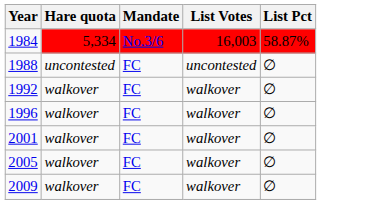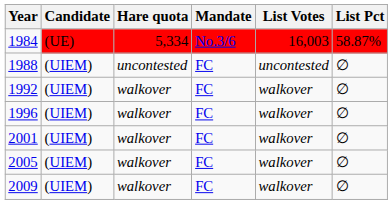 <table class="wikitable" style="margin:0.5em ; font-size:95%">
 <tr>
 <th>Year</th>
+<th>Candidate</th>
 <th>Hare quota</th>
 <th>Mandate</th>
 <th>List Votes</th>
 <th>List Pct</th>
 </tr>
 <tr>
 <td><a href='#'>1984</a></td>
+<td bgcolor="red"> (UE)</td>
 <td bgcolor="red" align="right">5,334</td>
 <td bgcolor="red"><a href='#'>No.3/6</a></td>
 <td bgcolor="red" align="right">16,003</td>
 <td bgcolor="red">58.87%</td>
 </tr>
 <tr>
 <td><a href='#'>1988</a></td>
+<td> (<a href='#'>UIEM</a>)</td>
 <td><em>uncontested</em></td>
 <td><a href='#'>FC</a></td>
 <td><em>uncontested</em></td>
 <td>∅</td>
 </tr>
 <tr>
 <td><a href='#'>1992</a></td>
+<td> (<a href='#'>UIEM</a>)</td>
 <td><em>walkover</em></td>
 <td><a href='#'>FC</a></td>
 <td><em>walkover</em></td>
 <td>∅</td>
 </tr>
 <tr>
 <td><a href='#'>1996</a></td>
+<td> (<a href='#'>UIEM</a>)</td>
 <td><em>walkover</em></td>
 <td><a href='#'>FC</a></td>
 <td><em>walkover</em></td>
 <td>∅</td>
 </tr>
 <tr>
 <td><a href='#'>2001</a></td>
+<td> (<a href='#'>UIEM</a>)</td>
 <td><em>walkover</em></td>
 <td><a href='#'>FC</a></td>
 <td><em>walkover</em></td>
 <td>∅</td>
 </tr>
 <tr>
 <td><a href='#'>2005</a></td>
+<td> (<a href='#'>UIEM</a>)</td>
 <td><em>walkover</em></td>
 <td><a href='#'>FC</a></td>
 <td><em>walkover</em></td>
 <td>∅</td>
 </tr>
 <tr>
 <td><a href='#'>2009</a></td>
+<td> (<a href='#'>UIEM</a>)</td>
 <td><em>walkover</em></td>
 <td><a href='#'>FC</a></td>
 <td><em>walkover</em></td>
 <td>∅</td>
 </tr>
 </table>
